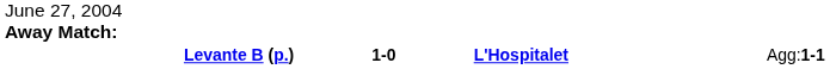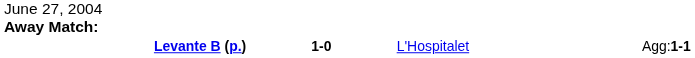 <table width=100% cellspacing=1>
 <tr>
 <th width=20%></th>
 <th width=12%></th>
 <th width=20%></th>
 <th></th>
 </tr>
 <tr>
 <td>June 27, 2004<br><strong>Away Match:</strong></td>
 </tr>
 <tr style=font-size:90%>
 <td align=right><strong><a href='#'>Levante B</a> (<a href='#'>p.</a>)</strong></td>
 <td align=center><strong>1-0</strong></td>
-<td><strong><a href='#'>L'Hospitalet</a></strong></td>
+<td><a href='#'>L'Hospitalet</a></td>
 <td>Agg:<strong>1-1</strong></td>
 </tr>
 </table>
